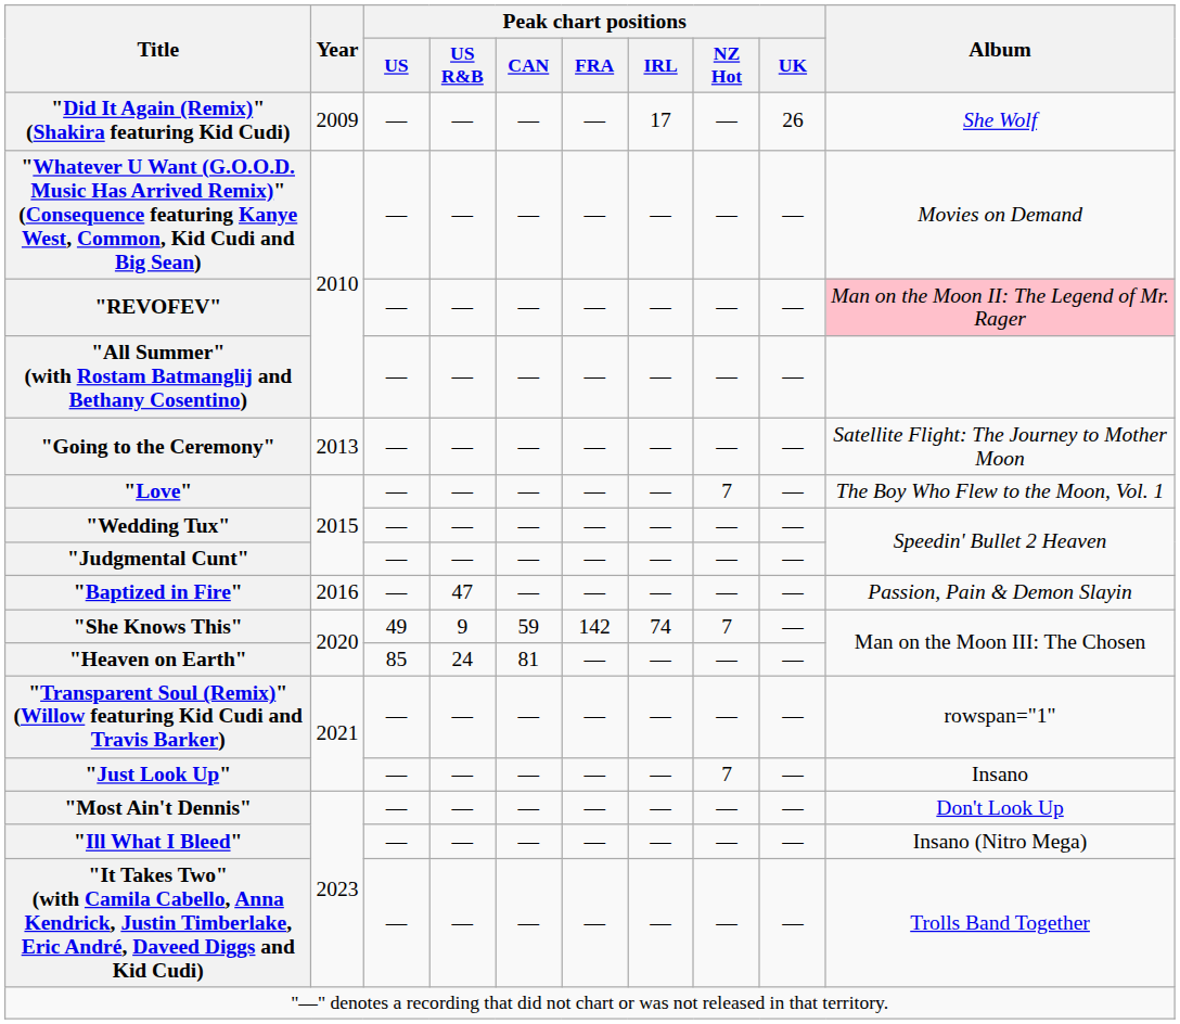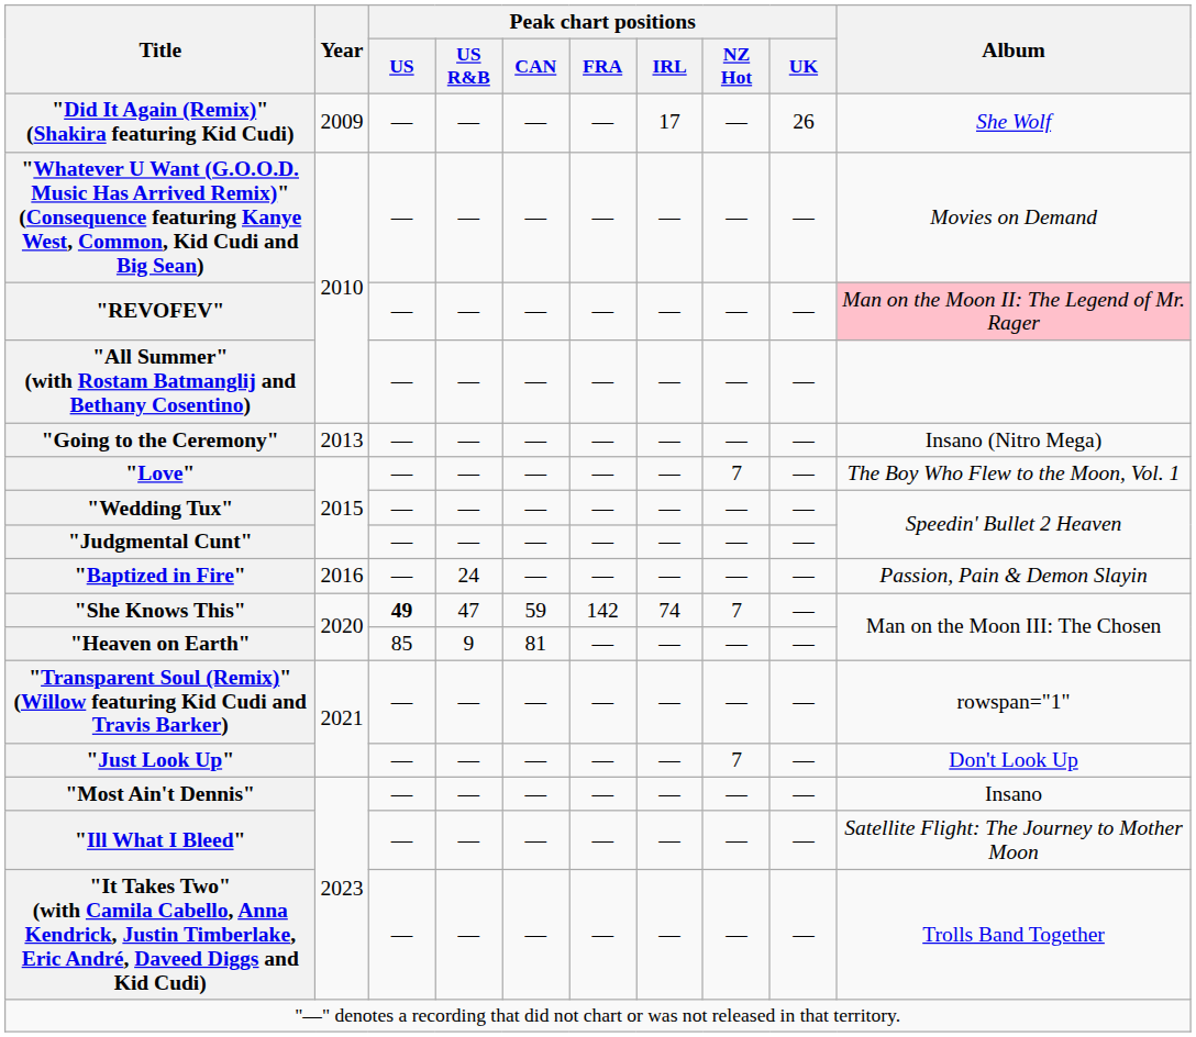 <table class="wikitable plainrowheaders" style="text-align:center;" border="1">
 <tr>
 <th scope="col" rowspan="2" style="width:14em;">Title</th>
 <th scope="col" rowspan="2" style="width:1em;">Year</th>
 <th scope="col" colspan="7">Peak chart positions</th>
 <th scope="col" rowspan="2" style="width:16em;">Album</th>
 </tr>
 <tr>
 <th scope="col" style="width:3em;font-size:90%;"><a href='#'>US</a><br></th>
 <th scope="col" style="width:3em;font-size:90%;"><a href='#'>US<br>R&B</a><br></th>
 <th scope="col" style="width:3em;font-size:90%;"><a href='#'>CAN</a><br></th>
 <th scope="col" style="width:3em;font-size:90%;"><a href='#'>FRA</a><br></th>
 <th scope="col" style="width:3em;font-size:90%;"><a href='#'>IRL</a><br></th>
 <th scope="col" style="width:3em;font-size:90%;"><a href='#'>NZ<br>Hot</a><br></th>
 <th scope="col" style="width:3em;font-size:90%;"><a href='#'>UK</a><br></th>
 </tr>
 <tr>
 <th scope="row">"<a href='#'>Did It Again (Remix)</a>"<br><span>(<a href='#'>Shakira</a> featuring Kid Cudi)</span></th>
 <td>2009</td>
 <td>—</td>
 <td>—</td>
 <td>—</td>
 <td>—</td>
 <td>17</td>
 <td>—</td>
 <td>26</td>
 <td><em><a href='#'>She Wolf</a></em></td>
 </tr>
 <tr>
 <th scope="row">"<a href='#'>Whatever U Want (G.O.O.D. Music Has Arrived Remix)</a>"<br><span>(<a href='#'>Consequence</a> featuring <a href='#'>Kanye West</a>, <a href='#'>Common</a>, Kid Cudi and <a href='#'>Big Sean</a>)</span></th>
 <td rowspan="3">2010</td>
 <td>—</td>
 <td>—</td>
 <td>—</td>
 <td>—</td>
 <td>—</td>
 <td>—</td>
 <td>—</td>
 <td><em>Movies on Demand</em></td>
 </tr>
 <tr>
 <th scope="row">"REVOFEV"</th>
 <td>—</td>
 <td>—</td>
 <td>—</td>
 <td>—</td>
 <td>—</td>
 <td>—</td>
 <td>—</td>
 <td style="background: pink;"><em>Man on the Moon II: The Legend of Mr. Rager</em></td>
 </tr>
 <tr>
 <th scope="row">"All Summer"<br><span>(with <a href='#'>Rostam Batmanglij</a> and <a href='#'>Bethany Cosentino</a>)</span></th>
 <td>—</td>
 <td>—</td>
 <td>—</td>
 <td>—</td>
 <td>—</td>
 <td>—</td>
 <td>—</td>
 <td></td>
 </tr>
 <tr>
 <th scope="row">"Going to the Ceremony"</th>
 <td>2013</td>
 <td>—</td>
 <td>—</td>
 <td>—</td>
 <td>—</td>
 <td>—</td>
 <td>—</td>
 <td>—</td>
-<td><em>Satellite Flight: The Journey to Mother Moon</em></td>
+<td></em>Insano (Nitro Mega)<em></td>
 </tr>
 <tr>
 <th scope="row">"<a href='#'>Love</a>"</th>
 <td rowspan="3">2015</td>
 <td>—</td>
 <td>—</td>
 <td>—</td>
 <td>—</td>
 <td>—</td>
 <td>7</td>
 <td>—</td>
 <td><em>The Boy Who Flew to the Moon, Vol. 1</em></td>
 </tr>
 <tr>
 <th scope="row">"Wedding Tux"</th>
 <td>—</td>
 <td>—</td>
 <td>—</td>
 <td>—</td>
 <td>—</td>
 <td>—</td>
 <td>—</td>
 <td rowspan="2"><em>Speedin' Bullet 2 Heaven</em></td>
 </tr>
 <tr>
 <th scope="row">"Judgmental Cunt"</th>
 <td>—</td>
 <td>—</td>
 <td>—</td>
 <td>—</td>
 <td>—</td>
 <td>—</td>
 <td>—</td>
 </tr>
 <tr>
 <th scope="row">"<a href='#'>Baptized in Fire</a>"<br></th>
 <td>2016</td>
 <td>—</td>
-<td>47</td>
+<td>24</td>
 <td>—</td>
 <td>—</td>
 <td>—</td>
 <td>—</td>
 <td>—</td>
 <td><em>Passion, Pain & Demon Slayin<strong></td>
 </tr>
 <tr>
 <th scope="row">"She Knows This"</th>
 <td rowspan="2">2020</td>
-<td>49</td>
-<td>9</td>
+<td><strong>49</strong></td>
+<td>47</td>
 <td>59</td>
 <td>142</td>
 <td>74</td>
 <td>7</td>
 <td>—</td>
 <td rowspan="2"></em>Man on the Moon III: The Chosen<em></td>
 </tr>
 <tr>
 <th scope="row">"Heaven on Earth"</th>
 <td>85</td>
-<td>24</td>
+<td>9</td>
 <td>81</td>
 <td>—</td>
 <td>—</td>
 <td>—</td>
 <td>—</td>
 </tr>
 <tr>
 <th scope="row">"<a href='#'>Transparent Soul (Remix)</a>"<br><span>(<a href='#'>Willow</a> featuring Kid Cudi and <a href='#'>Travis Barker</a>)</span></th>
 <td rowspan="2">2021</td>
 <td>—</td>
 <td>—</td>
 <td>—</td>
 <td>—</td>
 <td>—</td>
 <td>—</td>
 <td>—</td>
 <td>rowspan="1" </td>
 </tr>
 <tr>
 <th scope="row">"<a href='#'>Just Look Up</a>"<br></th>
 <td>—</td>
 <td>—</td>
 <td>—</td>
 <td>—</td>
 <td>—</td>
 <td>7</td>
 <td>—</td>
-<td></em>Insano<em></td>
+<td></em><a href='#'>Don't Look Up</a><em></td>
 </tr>
 <tr>
 <th scope="row">"Most Ain't Dennis"</th>
 <td rowspan="3">2023</td>
 <td>—</td>
 <td>—</td>
 <td>—</td>
 <td>—</td>
 <td>—</td>
 <td>—</td>
 <td>—</td>
-<td></em><a href='#'>Don't Look Up</a><em></td>
+<td></em>Insano<em></td>
 </tr>
 <tr>
 <th scope="row">"<a href='#'>Ill What I Bleed</a>"</th>
 <td>—</td>
 <td>—</td>
 <td>—</td>
 <td>—</td>
 <td>—</td>
 <td>—</td>
 <td>—</td>
-<td></em>Insano (Nitro Mega)<em></td>
+<td><em>Satellite Flight: The Journey to Mother Moon</em></td>
 </tr>
 <tr>
 <th scope="row">"It Takes Two"<br><span>(with <a href='#'>Camila Cabello</a>, <a href='#'>Anna Kendrick</a>, <a href='#'>Justin Timberlake</a>, <a href='#'>Eric André</a>, <a href='#'>Daveed Diggs</a> and Kid Cudi)</span></th>
 <td>—</td>
 <td>—</td>
 <td>—</td>
 <td>—</td>
 <td>—</td>
 <td>—</td>
 <td>—</td>
 <td></em><a href='#'>Trolls Band Together</a><em></td>
 </tr>
 <tr>
 <td colspan="14" style="font-size:90%">"—" denotes a recording that did not chart or was not released in that territory.</td>
 </tr>
 </table>
